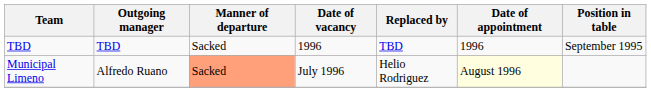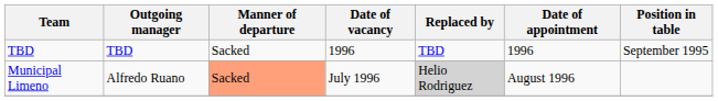 <table class="wikitable">
 <tr>
 <th>Team</th>
 <th>Outgoing manager</th>
 <th>Manner of departure</th>
 <th>Date of vacancy</th>
 <th>Replaced by</th>
 <th>Date of appointment</th>
 <th>Position in table</th>
 </tr>
 <tr>
 <td><a href='#'>TBD</a></td>
 <td> <a href='#'>TBD</a></td>
 <td>Sacked</td>
 <td>1996</td>
 <td> <a href='#'>TBD</a></td>
 <td>1996</td>
 <td>September 1995</td>
 </tr>
 <tr>
 <td><a href='#'>Municipal Limeno</a></td>
 <td> Alfredo Ruano</td>
 <td style="background: lightsalmon;">Sacked</td>
 <td>July 1996</td>
-<td> Helio Rodriguez</td>
-<td style="background: lightyellow;">August 1996</td>
+<td style="background: lightgrey;"> Helio Rodriguez</td>
+<td>August 1996</td>
 <td></td>
 </tr>
 <tr>
 </tr>
 </table>
